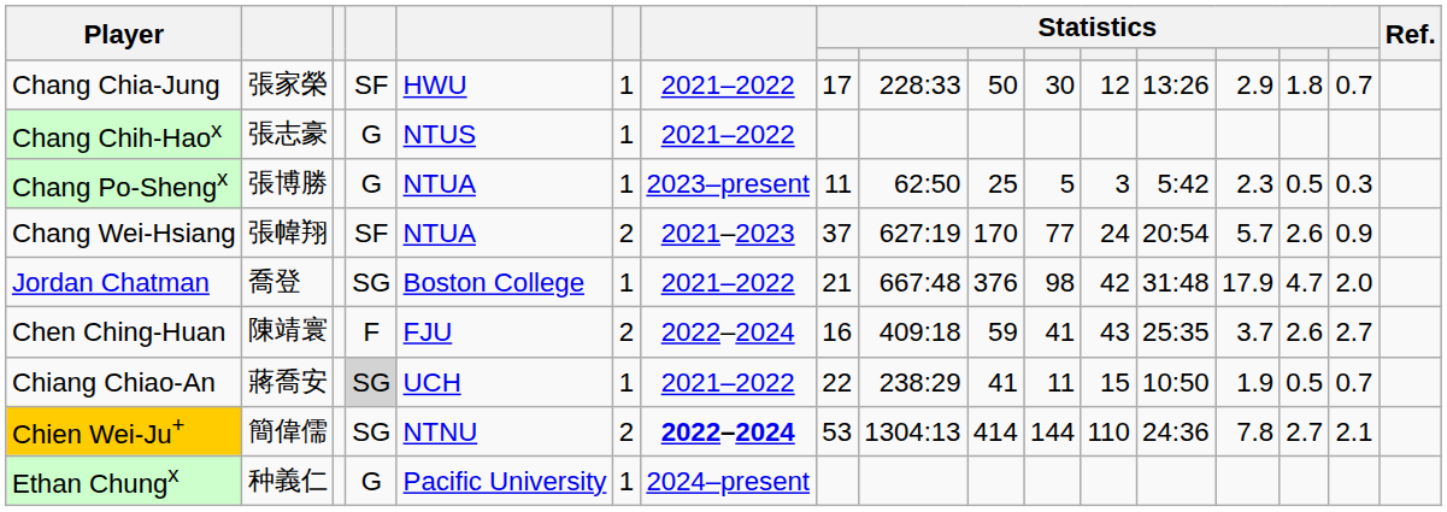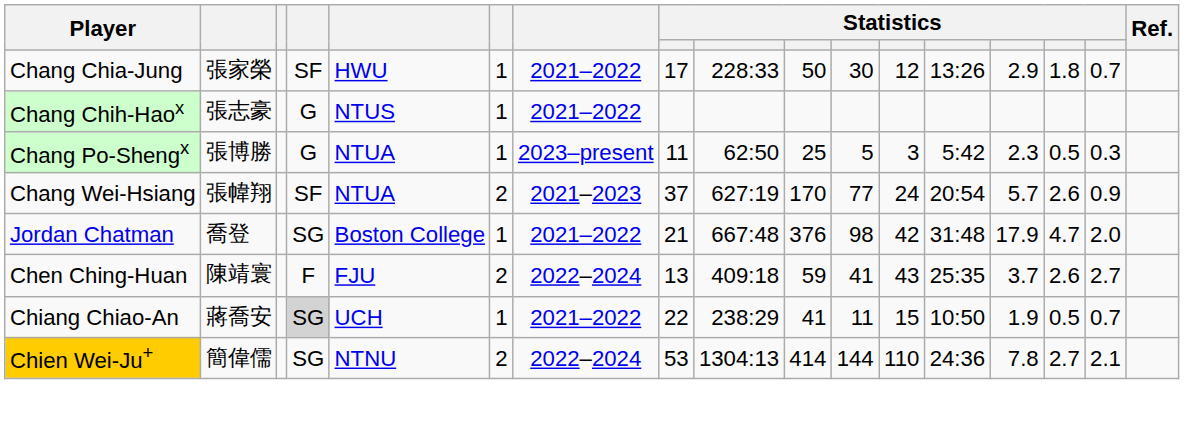 <table class="wikitable sortable" style="font-size:95%; text-align:right;">
 <tr>
 <th rowspan="2">Player</th>
 <th rowspan="2"></th>
 <th rowspan="2"></th>
 <th rowspan="2"></th>
 <th rowspan="2"></th>
 <th rowspan="2"></th>
 <th rowspan="2"></th>
 <th colspan="9">Statistics</th>
 <th rowspan="2">Ref.</th>
 </tr>
 <tr>
 <th></th>
 <th></th>
 <th></th>
 <th></th>
 <th></th>
 <th></th>
 <th></th>
 <th></th>
 <th></th>
 </tr>
 <tr>
 <td align="left">Chang Chia-Jung</td>
 <td align="left">張家榮</td>
 <td align="center"></td>
 <td align="center">SF</td>
 <td align="left"><a href='#'>HWU</a></td>
 <td align="center">1</td>
 <td align="center"><a href='#'>2021–2022</a></td>
 <td>17</td>
 <td>228:33</td>
 <td>50</td>
 <td>30</td>
 <td>12</td>
 <td>13:26</td>
 <td>2.9</td>
 <td>1.8</td>
 <td>0.7</td>
 <td align="center"></td>
 </tr>
 <tr>
 <td align="left" bgcolor="#CCFFCC">Chang Chih-Hao<sup>x</sup></td>
 <td align="left">張志豪</td>
 <td align="center"></td>
 <td align="center">G</td>
 <td align="left"><a href='#'>NTUS</a></td>
 <td align="center">1</td>
 <td align="center"><a href='#'>2021–2022</a></td>
 <td></td>
 <td></td>
 <td></td>
 <td></td>
 <td></td>
 <td></td>
 <td></td>
 <td></td>
 <td></td>
 <td align="center"></td>
 </tr>
 <tr>
 <td align="left" bgcolor="#CCFFCC">Chang Po-Sheng<sup>x</sup></td>
 <td align="left">張博勝</td>
 <td align="center"></td>
 <td align="center">G</td>
 <td align="left"><a href='#'>NTUA</a></td>
 <td align="center">1</td>
 <td align="center"><a href='#'>2023–present</a></td>
 <td>11</td>
 <td>62:50</td>
 <td>25</td>
 <td>5</td>
 <td>3</td>
 <td>5:42</td>
 <td>2.3</td>
 <td>0.5</td>
 <td>0.3</td>
 <td align="center"></td>
 </tr>
 <tr>
 <td align="left">Chang Wei-Hsiang</td>
 <td align="left">張幃翔</td>
 <td align="center"></td>
 <td align="center">SF</td>
 <td align="left"><a href='#'>NTUA</a></td>
 <td align="center">2</td>
 <td align="center"><a href='#'>2021</a>–<a href='#'>2023</a></td>
 <td>37</td>
 <td>627:19</td>
 <td>170</td>
 <td>77</td>
 <td>24</td>
 <td>20:54</td>
 <td>5.7</td>
 <td>2.6</td>
 <td>0.9</td>
 <td align="center"></td>
 </tr>
 <tr>
 <td align="left"><a href='#'>Jordan Chatman</a></td>
 <td align="left">喬登</td>
 <td align="center"></td>
 <td align="center">SG</td>
 <td align="left"><a href='#'>Boston College</a></td>
 <td align="center">1</td>
 <td align="center"><a href='#'>2021–2022</a></td>
 <td>21</td>
 <td>667:48</td>
 <td>376</td>
 <td>98</td>
 <td>42</td>
 <td>31:48</td>
 <td>17.9</td>
 <td>4.7</td>
 <td>2.0</td>
 <td align="center"></td>
 </tr>
 <tr>
 <td align="left">Chen Ching-Huan</td>
 <td align="left">陳靖寰</td>
 <td align="center"></td>
 <td align="center">F</td>
 <td align="left"><a href='#'>FJU</a></td>
 <td align="center">2</td>
 <td align="center"><a href='#'>2022</a>–<a href='#'>2024</a></td>
-<td>16</td>
+<td>13</td>
 <td>409:18</td>
 <td>59</td>
 <td>41</td>
 <td>43</td>
 <td>25:35</td>
 <td>3.7</td>
 <td>2.6</td>
 <td>2.7</td>
 <td align="center"></td>
 </tr>
 <tr>
 <td align="left">Chiang Chiao-An</td>
 <td align="left">蔣喬安</td>
 <td align="center"></td>
 <td align="center" style="background: lightgrey;">SG</td>
 <td align="left"><a href='#'>UCH</a></td>
 <td align="center">1</td>
 <td align="center"><a href='#'>2021–2022</a></td>
 <td>22</td>
 <td>238:29</td>
 <td>41</td>
 <td>11</td>
 <td>15</td>
 <td>10:50</td>
 <td>1.9</td>
 <td>0.5</td>
 <td>0.7</td>
 <td align="center"></td>
 </tr>
 <tr>
 <td align="left" bgcolor="#FFCC00">Chien Wei-Ju<sup>+</sup></td>
 <td align="left">簡偉儒</td>
 <td align="center"></td>
 <td align="center">SG</td>
 <td align="left"><a href='#'>NTNU</a></td>
 <td align="center">2</td>
-<td align="center"><strong><a href='#'>2022</a>–<a href='#'>2024</a></strong></td>
+<td align="center"><a href='#'>2022</a>–<a href='#'>2024</a></td>
 <td>53</td>
 <td>1304:13</td>
 <td>414</td>
 <td>144</td>
 <td>110</td>
 <td>24:36</td>
 <td>7.8</td>
 <td>2.7</td>
 <td>2.1</td>
 <td align="center"></td>
 </tr>
-<tr>
-<td align="left" bgcolor="#CCFFCC">Ethan Chung<sup>x</sup></td>
-<td align="left">种義仁</td>
-<td align="center"></td>
-<td align="center">G</td>
-<td align="left"><a href='#'>Pacific University</a></td>
-<td align="center">1</td>
-<td align="center"><a href='#'>2024–present</a></td>
-<td></td>
-<td></td>
-<td></td>
-<td></td>
-<td></td>
-<td></td>
-<td></td>
-<td></td>
-<td></td>
-<td align="center"></td>
-</tr>
 </table>
